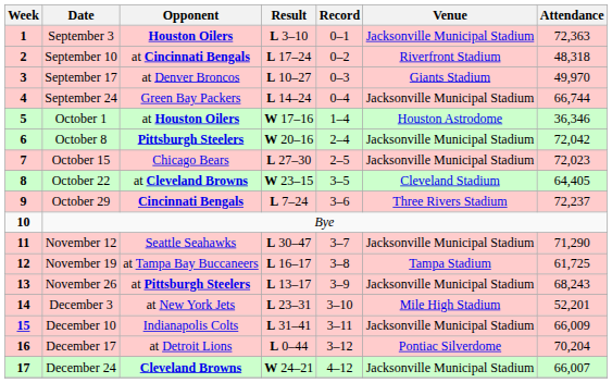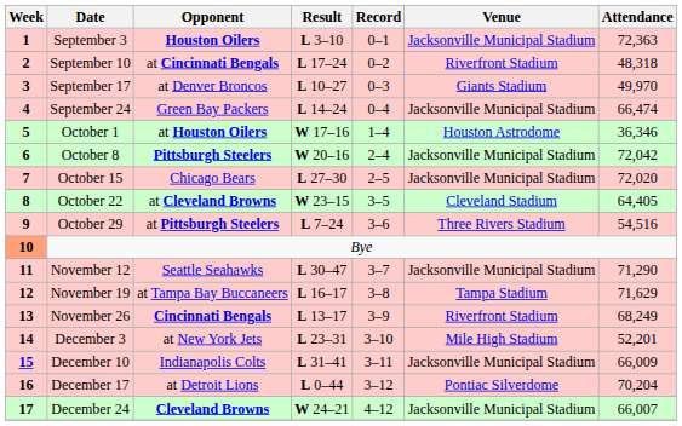 <table class="wikitable" style="text-align:center">
 <tr>
 <th>Week</th>
 <th>Date</th>
 <th>Opponent</th>
 <th>Result</th>
 <th>Record</th>
 <th>Venue</th>
 <th>Attendance</th>
 </tr>
 <tr style="background: #fcc;">
 <td align="center"><strong>1</strong></td>
 <td>September 3</td>
 <td><strong><a href='#'>Houston Oilers</a></strong></td>
 <td><strong>L</strong> 3–10</td>
 <td>0–1</td>
 <td><a href='#'>Jacksonville Municipal Stadium</a></td>
 <td>72,363</td>
 </tr>
 <tr style="background: #fcc;">
 <td align="center"><strong>2</strong></td>
 <td>September 10</td>
 <td>at <strong><a href='#'>Cincinnati Bengals</a></strong></td>
 <td><strong>L</strong> 17–24</td>
 <td>0–2</td>
 <td><a href='#'>Riverfront Stadium</a></td>
 <td>48,318</td>
 </tr>
 <tr style="background: #fcc;">
 <td align="center"><strong>3</strong></td>
 <td>September 17</td>
 <td>at <a href='#'>Denver Broncos</a></td>
 <td><strong>L</strong> 10–27</td>
 <td>0–3</td>
 <td><a href='#'>Giants Stadium</a></td>
 <td>49,970</td>
 </tr>
 <tr style="background: #fcc;">
 <td align="center"><strong>4</strong></td>
 <td>September 24</td>
 <td><a href='#'>Green Bay Packers</a></td>
 <td><strong>L</strong> 14–24</td>
 <td>0–4</td>
 <td>Jacksonville Municipal Stadium</td>
-<td>66,744</td>
+<td>66,474</td>
 </tr>
 <tr style="background: #cfc;">
 <td align="center"><strong>5</strong></td>
 <td>October 1</td>
 <td>at <strong><a href='#'>Houston Oilers</a></strong></td>
 <td><strong>W</strong> 17–16</td>
 <td>1–4</td>
 <td><a href='#'>Houston Astrodome</a></td>
 <td>36,346</td>
 </tr>
 <tr style="background: #cfc;">
 <td align="center"><strong>6</strong></td>
 <td>October 8</td>
 <td><strong><a href='#'>Pittsburgh Steelers</a></strong></td>
 <td><strong>W</strong> 20–16</td>
 <td>2–4</td>
 <td>Jacksonville Municipal Stadium</td>
 <td>72,042</td>
 </tr>
 <tr style="background: #fcc;">
 <td align="center"><strong>7</strong></td>
 <td>October 15</td>
 <td><a href='#'>Chicago Bears</a></td>
 <td><strong>L</strong> 27–30</td>
 <td>2–5</td>
 <td>Jacksonville Municipal Stadium</td>
-<td>72,023</td>
+<td>72,020</td>
 </tr>
 <tr style="background: #cfc;">
 <td align="center"><strong>8</strong></td>
 <td>October 22</td>
 <td>at <strong><a href='#'>Cleveland Browns</a></strong></td>
 <td><strong>W</strong> 23–15</td>
 <td>3–5</td>
 <td><a href='#'>Cleveland Stadium</a></td>
 <td>64,405</td>
 </tr>
 <tr style="background: #fcc;">
 <td align="center"><strong>9</strong></td>
 <td>October 29</td>
-<td><strong><a href='#'>Cincinnati Bengals</a></strong></td>
+<td>at <strong><a href='#'>Pittsburgh Steelers</a></strong></td>
 <td><strong>L</strong> 7–24</td>
 <td>3–6</td>
 <td><a href='#'>Three Rivers Stadium</a></td>
-<td>72,237</td>
+<td>54,516</td>
 </tr>
 <tr>
-<td align="center"><strong>10</strong></td>
+<td align="center" style="background: lightsalmon;"><strong>10</strong></td>
 <td colspan="8" align="center"><em>Bye</em></td>
 </tr>
 <tr style="background: #fcc;">
 <td align="center"><strong>11</strong></td>
 <td>November 12</td>
 <td><a href='#'>Seattle Seahawks</a></td>
 <td><strong>L</strong> 30–47</td>
 <td>3–7</td>
 <td>Jacksonville Municipal Stadium</td>
 <td>71,290</td>
 </tr>
 <tr style="background: #fcc;">
 <td align="center"><strong>12</strong></td>
 <td>November 19</td>
 <td>at <a href='#'>Tampa Bay Buccaneers</a></td>
 <td><strong>L</strong> 16–17</td>
 <td>3–8</td>
 <td><a href='#'>Tampa Stadium</a></td>
-<td>61,725</td>
+<td>71,629</td>
 </tr>
 <tr style="background: #fcc;">
 <td align="center"><strong>13</strong></td>
 <td>November 26</td>
-<td>at <strong><a href='#'>Pittsburgh Steelers</a></strong></td>
+<td><strong><a href='#'>Cincinnati Bengals</a></strong></td>
 <td><strong>L</strong> 13–17</td>
 <td>3–9</td>
-<td>Jacksonville Municipal Stadium</td>
-<td>68,243</td>
+<td><a href='#'>Riverfront Stadium</a></td>
+<td>68,249</td>
 </tr>
 <tr style="background: #fcc;">
 <td align="center"><strong>14</strong></td>
 <td>December 3</td>
 <td>at <a href='#'>New York Jets</a></td>
 <td><strong>L</strong> 23–31</td>
 <td>3–10</td>
 <td><a href='#'>Mile High Stadium</a></td>
 <td>52,201</td>
 </tr>
 <tr style="background: #fcc;">
 <td align="center"><strong><a href='#'>15</a></strong></td>
 <td>December 10</td>
 <td><a href='#'>Indianapolis Colts</a></td>
 <td><strong>L</strong> 31–41</td>
 <td>3–11</td>
 <td>Jacksonville Municipal Stadium</td>
 <td>66,009</td>
 </tr>
 <tr style="background: #fcc;">
 <td align="center"><strong>16</strong></td>
 <td>December 17</td>
 <td>at <a href='#'>Detroit Lions</a></td>
 <td><strong>L</strong> 0–44</td>
 <td>3–12</td>
 <td><a href='#'>Pontiac Silverdome</a></td>
 <td>70,204</td>
 </tr>
 <tr style="background: #cfc;">
 <td align="center"><strong>17</strong></td>
 <td>December 24</td>
 <td><strong><a href='#'>Cleveland Browns</a></strong></td>
 <td><strong>W</strong> 24–21</td>
 <td>4–12</td>
 <td>Jacksonville Municipal Stadium</td>
 <td>66,007</td>
 </tr>
 <tr>
 </tr>
 </table>
